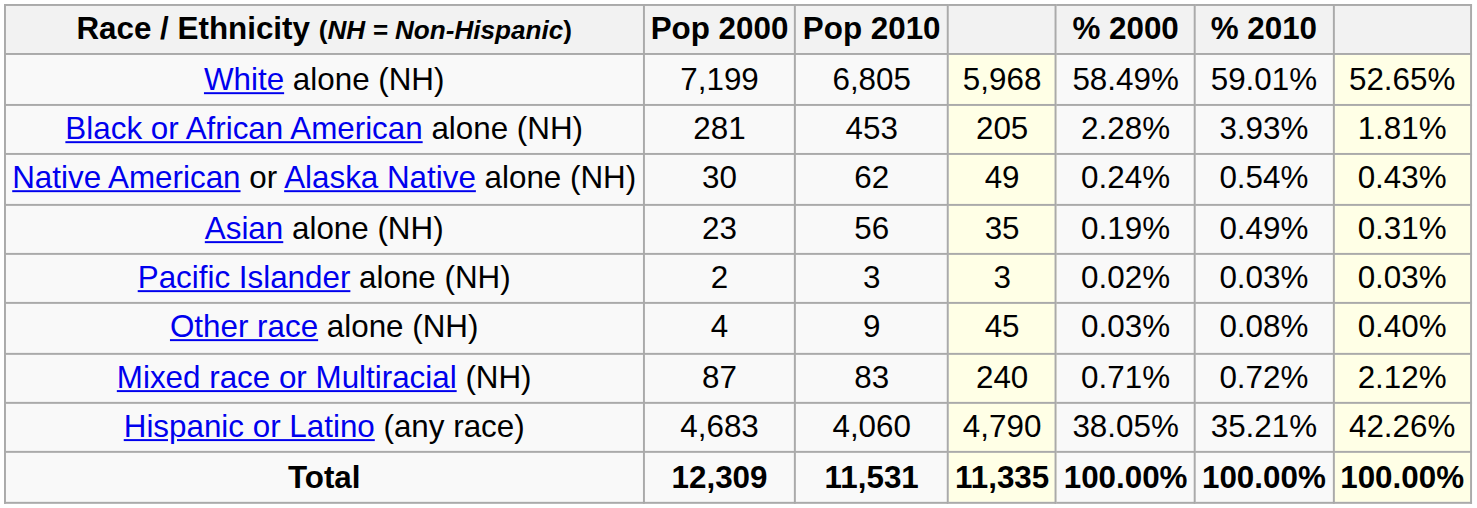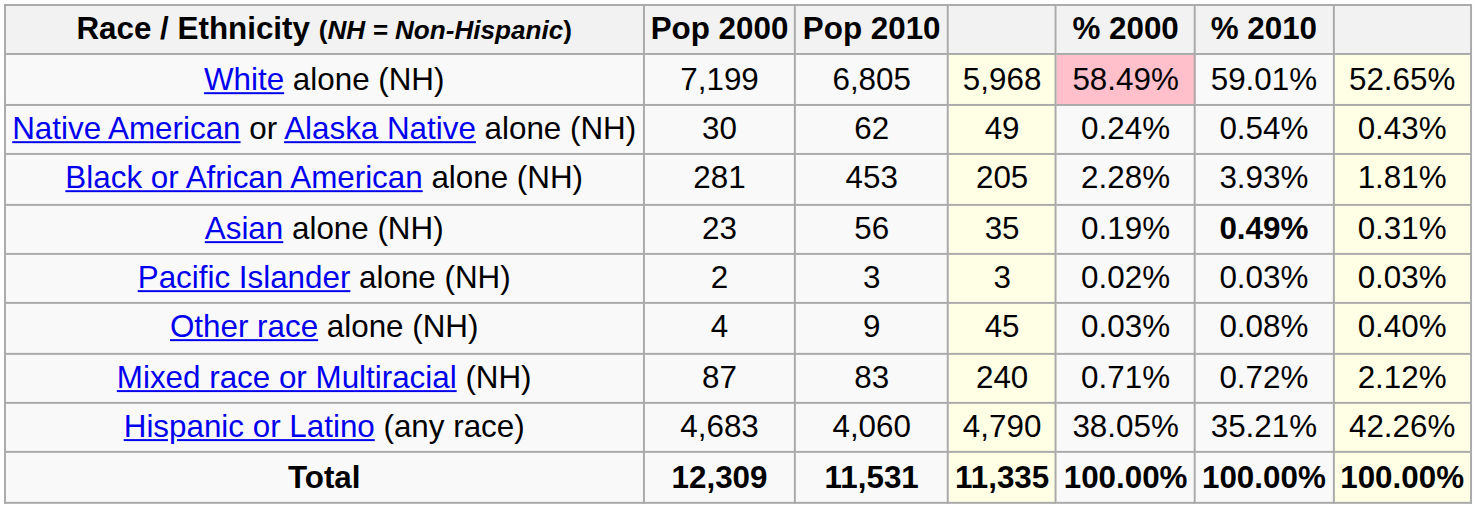 <table class="wikitable" style="text-align:center;">
 <tr>
 <th>Race / Ethnicity <small>(<em>NH = Non-Hispanic</em>)</small></th>
 <th>Pop 2000</th>
 <th>Pop 2010</th>
 <th></th>
 <th>% 2000</th>
 <th>% 2010</th>
 <th></th>
 </tr>
 <tr>
 <td><a href='#'>White</a> alone (NH)</td>
 <td>7,199</td>
 <td>6,805</td>
 <td style='background: #ffffe6;'>5,968</td>
-<td>58.49%</td>
+<td style="background: pink;">58.49%</td>
 <td>59.01%</td>
 <td style='background: #ffffe6;'>52.65%</td>
+</tr>
+<tr>
+<td><a href='#'>Native American</a> or <a href='#'>Alaska Native</a> alone (NH)</td>
+<td>30</td>
+<td>62</td>
+<td style='background: #ffffe6;'>49</td>
+<td>0.24%</td>
+<td>0.54%</td>
+<td style='background: #ffffe6;'>0.43%</td>
 </tr>
 <tr>
 <td><a href='#'>Black or African American</a> alone (NH)</td>
 <td>281</td>
 <td>453</td>
 <td style='background: #ffffe6;'>205</td>
 <td>2.28%</td>
 <td>3.93%</td>
 <td style='background: #ffffe6;'>1.81%</td>
 </tr>
 <tr>
-<td><a href='#'>Native American</a> or <a href='#'>Alaska Native</a> alone (NH)</td>
-<td>30</td>
-<td>62</td>
-<td style='background: #ffffe6;'>49</td>
-<td>0.24%</td>
-<td>0.54%</td>
-<td style='background: #ffffe6;'>0.43%</td>
-</tr>
-<tr>
 <td><a href='#'>Asian</a> alone (NH)</td>
 <td>23</td>
 <td>56</td>
 <td style='background: #ffffe6;'>35</td>
 <td>0.19%</td>
-<td>0.49%</td>
+<td><strong>0.49%</strong></td>
 <td style='background: #ffffe6;'>0.31%</td>
 </tr>
 <tr>
 <td><a href='#'>Pacific Islander</a> alone (NH)</td>
 <td>2</td>
 <td>3</td>
 <td style='background: #ffffe6;'>3</td>
 <td>0.02%</td>
 <td>0.03%</td>
 <td style='background: #ffffe6;'>0.03%</td>
 </tr>
 <tr>
 <td><a href='#'>Other race</a> alone (NH)</td>
 <td>4</td>
 <td>9</td>
 <td style='background: #ffffe6;'>45</td>
 <td>0.03%</td>
 <td>0.08%</td>
 <td style='background: #ffffe6;'>0.40%</td>
 </tr>
 <tr>
 <td><a href='#'>Mixed race or Multiracial</a> (NH)</td>
 <td>87</td>
 <td>83</td>
 <td style='background: #ffffe6;'>240</td>
 <td>0.71%</td>
 <td>0.72%</td>
 <td style='background: #ffffe6;'>2.12%</td>
 </tr>
 <tr>
 <td><a href='#'>Hispanic or Latino</a> (any race)</td>
 <td>4,683</td>
 <td>4,060</td>
 <td style='background: #ffffe6;'>4,790</td>
 <td>38.05%</td>
 <td>35.21%</td>
 <td style='background: #ffffe6;'>42.26%</td>
 </tr>
 <tr>
 <td><strong>Total</strong></td>
 <td><strong>12,309</strong></td>
 <td><strong>11,531</strong></td>
 <td style='background: #ffffe6;'><strong>11,335</strong></td>
 <td><strong>100.00%</strong></td>
 <td><strong>100.00%</strong></td>
 <td style='background: #ffffe6;'><strong>100.00%</strong></td>
 </tr>
 </table>
